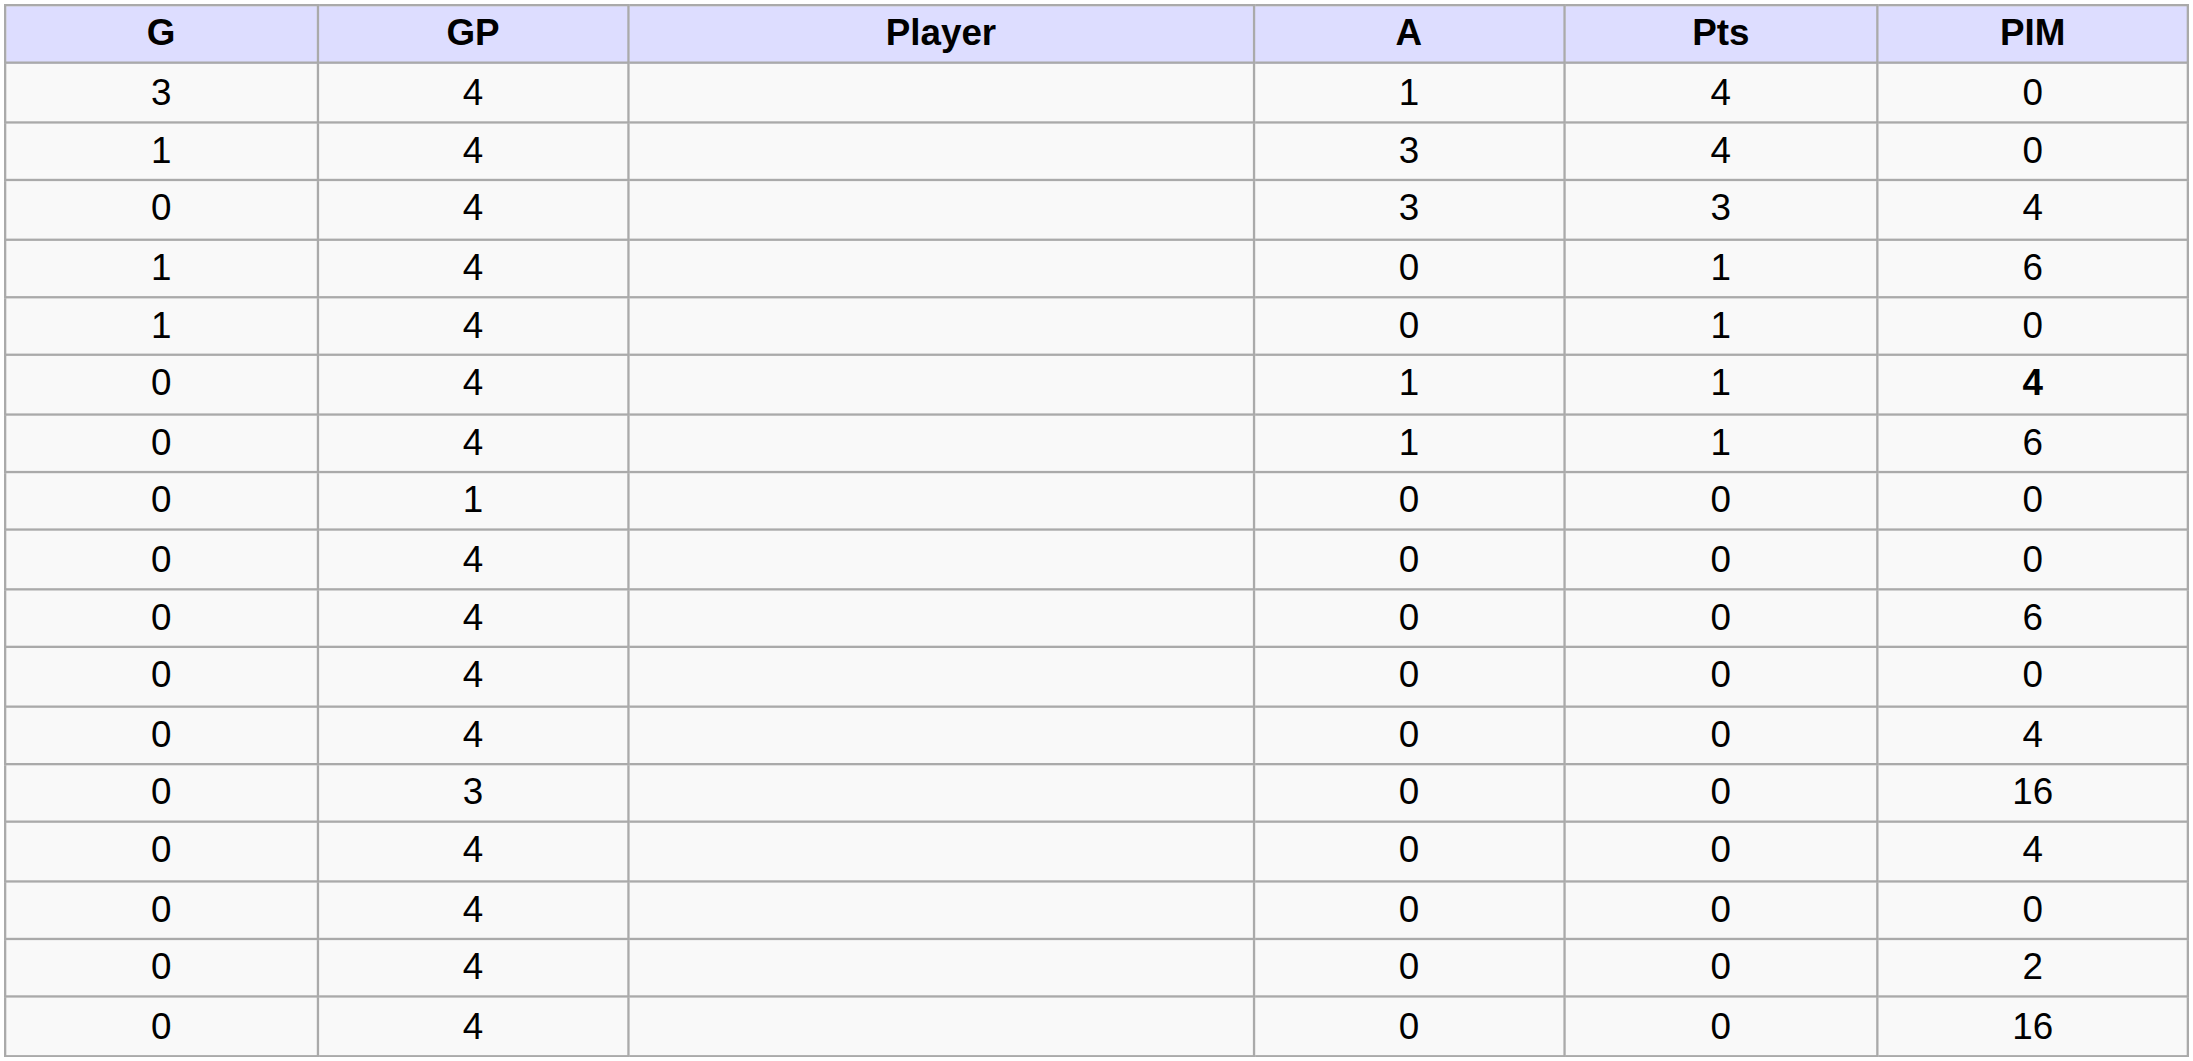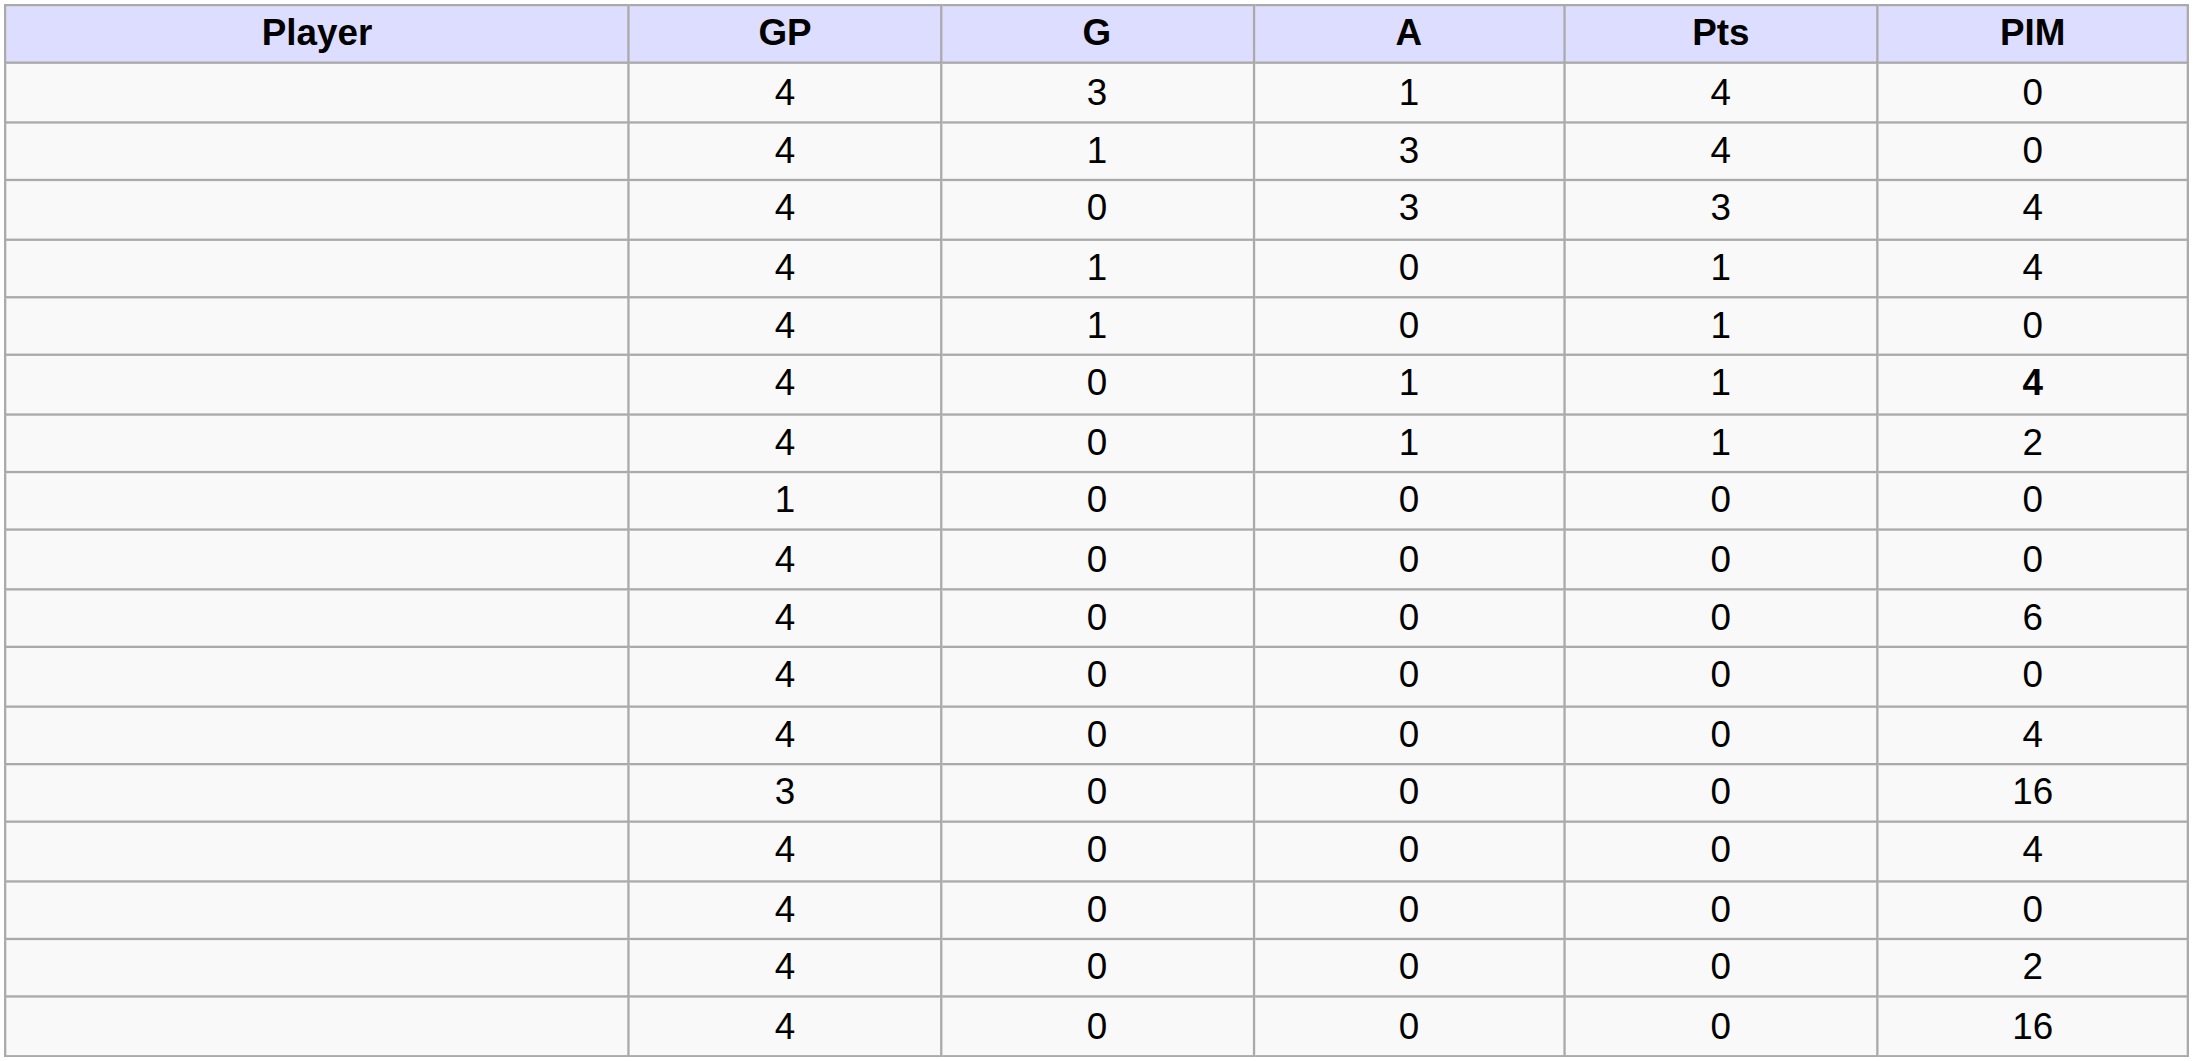 <table style="width:60%;" class="wikitable sortable">
 <tr style="text-align:center;">
+<th style="background:#ddf; width:10%;">Player</th>
+<th style="background:#ddf; width:5%;">GP</th>
 <th style="background:#ddf; width:5%;">G</th>
-<th style="background:#ddf; width:5%;">GP</th>
-<th style="background:#ddf; width:10%;">Player</th>
 <th style="background:#ddf; width:5%;">A</th>
 <th style="background:#ddf; width:5%;">Pts</th>
 <th style="background:#ddf; width:5%;">PIM</th>
 </tr>
 <tr style="text-align:center;">
+<td style="text-align:right;"></td>
+<td>4</td>
 <td>3</td>
-<td>4</td>
-<td style="text-align:right;"></td>
 <td>1</td>
 <td>4</td>
 <td>0</td>
 </tr>
 <tr style="text-align:center;">
+<td style="text-align:right;"></td>
+<td>4</td>
 <td>1</td>
-<td>4</td>
-<td style="text-align:right;"></td>
 <td>3</td>
 <td>4</td>
 <td>0</td>
 </tr>
 <tr style="text-align:center;">
+<td style="text-align:right;"></td>
+<td>4</td>
 <td>0</td>
-<td>4</td>
-<td style="text-align:right;"></td>
 <td>3</td>
 <td>3</td>
 <td>4</td>
 </tr>
 <tr style="text-align:center;">
+<td style="text-align:right;"></td>
+<td>4</td>
+<td>1</td>
+<td>0</td>
 <td>1</td>
 <td>4</td>
-<td style="text-align:right;"></td>
-<td>0</td>
-<td>1</td>
-<td>6</td>
 </tr>
 <tr style="text-align:center;">
+<td style="text-align:right;"></td>
+<td>4</td>
 <td>1</td>
-<td>4</td>
-<td style="text-align:right;"></td>
 <td>0</td>
 <td>1</td>
 <td>0</td>
 </tr>
 <tr style="text-align:center;">
+<td style="text-align:right;"></td>
+<td>4</td>
 <td>0</td>
-<td>4</td>
-<td style="text-align:right;"></td>
 <td>1</td>
 <td>1</td>
 <td><strong>4</strong></td>
 </tr>
 <tr style="text-align:center;">
+<td style="text-align:right;"></td>
+<td>4</td>
 <td>0</td>
-<td>4</td>
+<td>1</td>
+<td>1</td>
+<td>2</td>
+</tr>
+<tr style="text-align:center;">
 <td style="text-align:right;"></td>
 <td>1</td>
-<td>1</td>
-<td>6</td>
-</tr>
-<tr style="text-align:center;">
 <td>0</td>
-<td>1</td>
-<td style="text-align:right;"></td>
 <td>0</td>
 <td>0</td>
 <td>0</td>
 </tr>
 <tr style="text-align:center;">
+<td style="text-align:right;"></td>
+<td>4</td>
 <td>0</td>
-<td>4</td>
-<td style="text-align:right;"></td>
 <td>0</td>
 <td>0</td>
 <td>0</td>
 </tr>
 <tr style="text-align:center;">
+<td style="text-align:right;"></td>
+<td>4</td>
 <td>0</td>
-<td>4</td>
-<td style="text-align:right;"></td>
 <td>0</td>
 <td>0</td>
 <td>6</td>
 </tr>
 <tr style="text-align:center;">
+<td style="text-align:right;"></td>
+<td>4</td>
 <td>0</td>
-<td>4</td>
-<td style="text-align:right;"></td>
 <td>0</td>
 <td>0</td>
 <td>0</td>
 </tr>
 <tr style="text-align:center;">
+<td style="text-align:right;"></td>
+<td>4</td>
 <td>0</td>
-<td>4</td>
-<td style="text-align:right;"></td>
 <td>0</td>
 <td>0</td>
 <td>4</td>
 </tr>
 <tr style="text-align:center;">
+<td style="text-align:right;"></td>
+<td>3</td>
 <td>0</td>
-<td>3</td>
-<td style="text-align:right;"></td>
 <td>0</td>
 <td>0</td>
 <td>16</td>
 </tr>
 <tr style="text-align:center;">
+<td style="text-align:right;"></td>
+<td>4</td>
 <td>0</td>
-<td>4</td>
-<td style="text-align:right;"></td>
 <td>0</td>
 <td>0</td>
 <td>4</td>
 </tr>
 <tr style="text-align:center;">
+<td style="text-align:right;"></td>
+<td>4</td>
 <td>0</td>
-<td>4</td>
-<td style="text-align:right;"></td>
 <td>0</td>
 <td>0</td>
 <td>0</td>
 </tr>
 <tr style="text-align:center;">
+<td style="text-align:right;"></td>
+<td>4</td>
 <td>0</td>
-<td>4</td>
-<td style="text-align:right;"></td>
 <td>0</td>
 <td>0</td>
 <td>2</td>
 </tr>
 <tr style="text-align:center;">
+<td style="text-align:right;"></td>
+<td>4</td>
 <td>0</td>
-<td>4</td>
-<td style="text-align:right;"></td>
 <td>0</td>
 <td>0</td>
 <td>16</td>
 </tr>
 </table>
